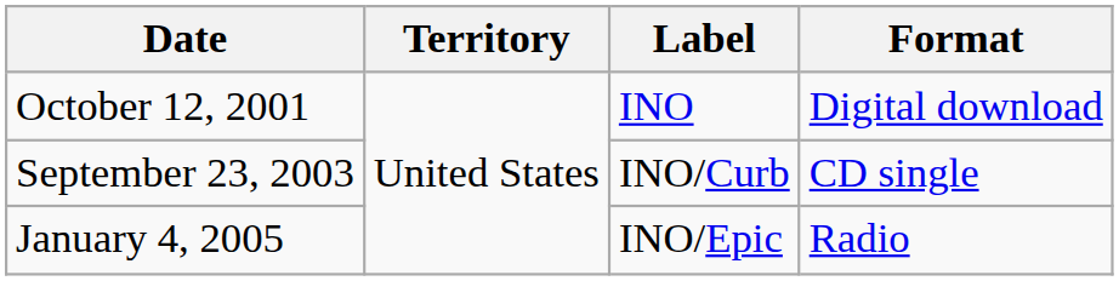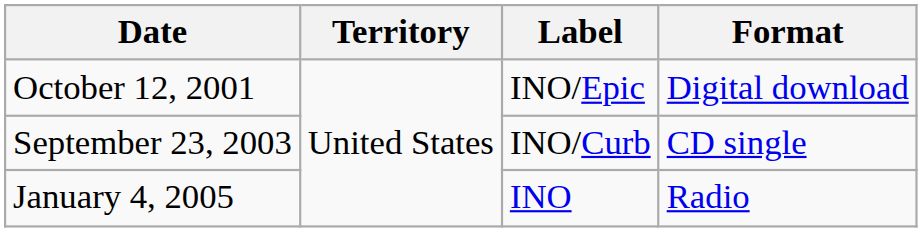 <table class="wikitable">
 <tr>
 <th>Date</th>
 <th>Territory</th>
 <th>Label</th>
 <th>Format</th>
 </tr>
 <tr>
 <td>October 12, 2001</td>
 <td rowspan="3">United States</td>
-<td><a href='#'>INO</a></td>
+<td>INO/<a href='#'>Epic</a></td>
 <td><a href='#'>Digital download</a></td>
 </tr>
 <tr>
 <td>September 23, 2003</td>
 <td>INO/<a href='#'>Curb</a></td>
 <td><a href='#'>CD single</a></td>
 </tr>
 <tr>
 <td>January 4, 2005</td>
-<td>INO/<a href='#'>Epic</a></td>
+<td><a href='#'>INO</a></td>
 <td><a href='#'>Radio</a></td>
 </tr>
 </table>
